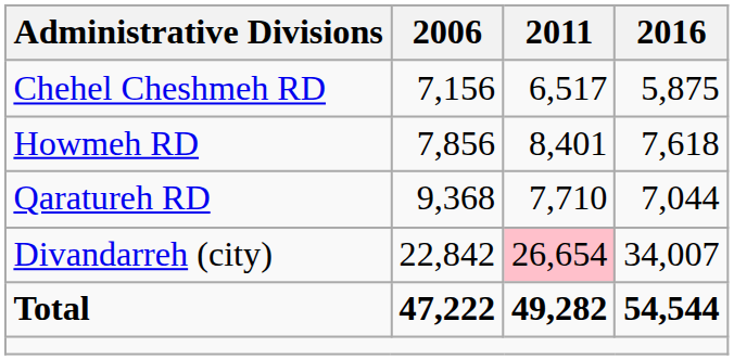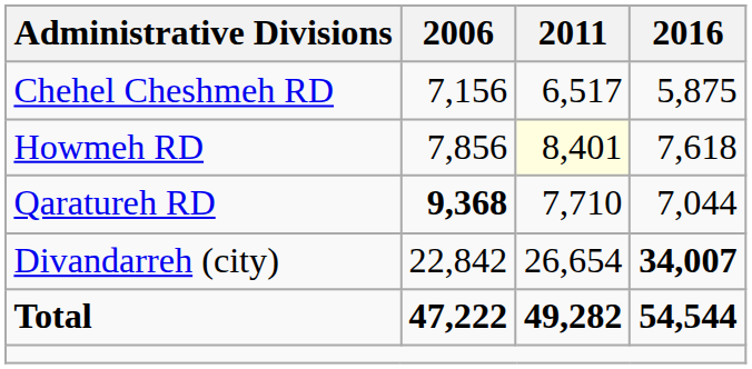 <table class="wikitable">
 <tr>
 <th>Administrative Divisions</th>
 <th>2006</th>
 <th>2011</th>
 <th>2016</th>
 </tr>
 <tr>
 <td><a href='#'>Chehel Cheshmeh RD</a></td>
 <td style="text-align: right;">7,156</td>
 <td style="text-align: right;">6,517</td>
 <td style="text-align: right;">5,875</td>
 </tr>
 <tr>
 <td><a href='#'>Howmeh RD</a></td>
 <td style="text-align: right;">7,856</td>
-<td style="text-align: right;">8,401</td>
+<td style="background: lightyellow; text-align: right;">8,401</td>
 <td style="text-align: right;">7,618</td>
 </tr>
 <tr>
 <td><a href='#'>Qaratureh RD</a></td>
-<td style="text-align: right;">9,368</td>
+<td style="text-align: right;"><strong>9,368</strong></td>
 <td style="text-align: right;">7,710</td>
 <td style="text-align: right;">7,044</td>
 </tr>
 <tr>
 <td><a href='#'>Divandarreh</a> (city)</td>
 <td style="text-align: right;">22,842</td>
-<td style="background: pink; text-align: right;">26,654</td>
-<td style="text-align: right;">34,007</td>
+<td style="text-align: right;">26,654</td>
+<td style="text-align: right;"><strong>34,007</strong></td>
 </tr>
 <tr>
 <td><strong>Total</strong></td>
 <td style="text-align: right;"><strong>47,222</strong></td>
 <td style="text-align: right;"><strong>49,282</strong></td>
 <td style="text-align: right;"><strong>54,544</strong></td>
 </tr>
 <tr>
 <td colspan=4></td>
 </tr>
 </table>
